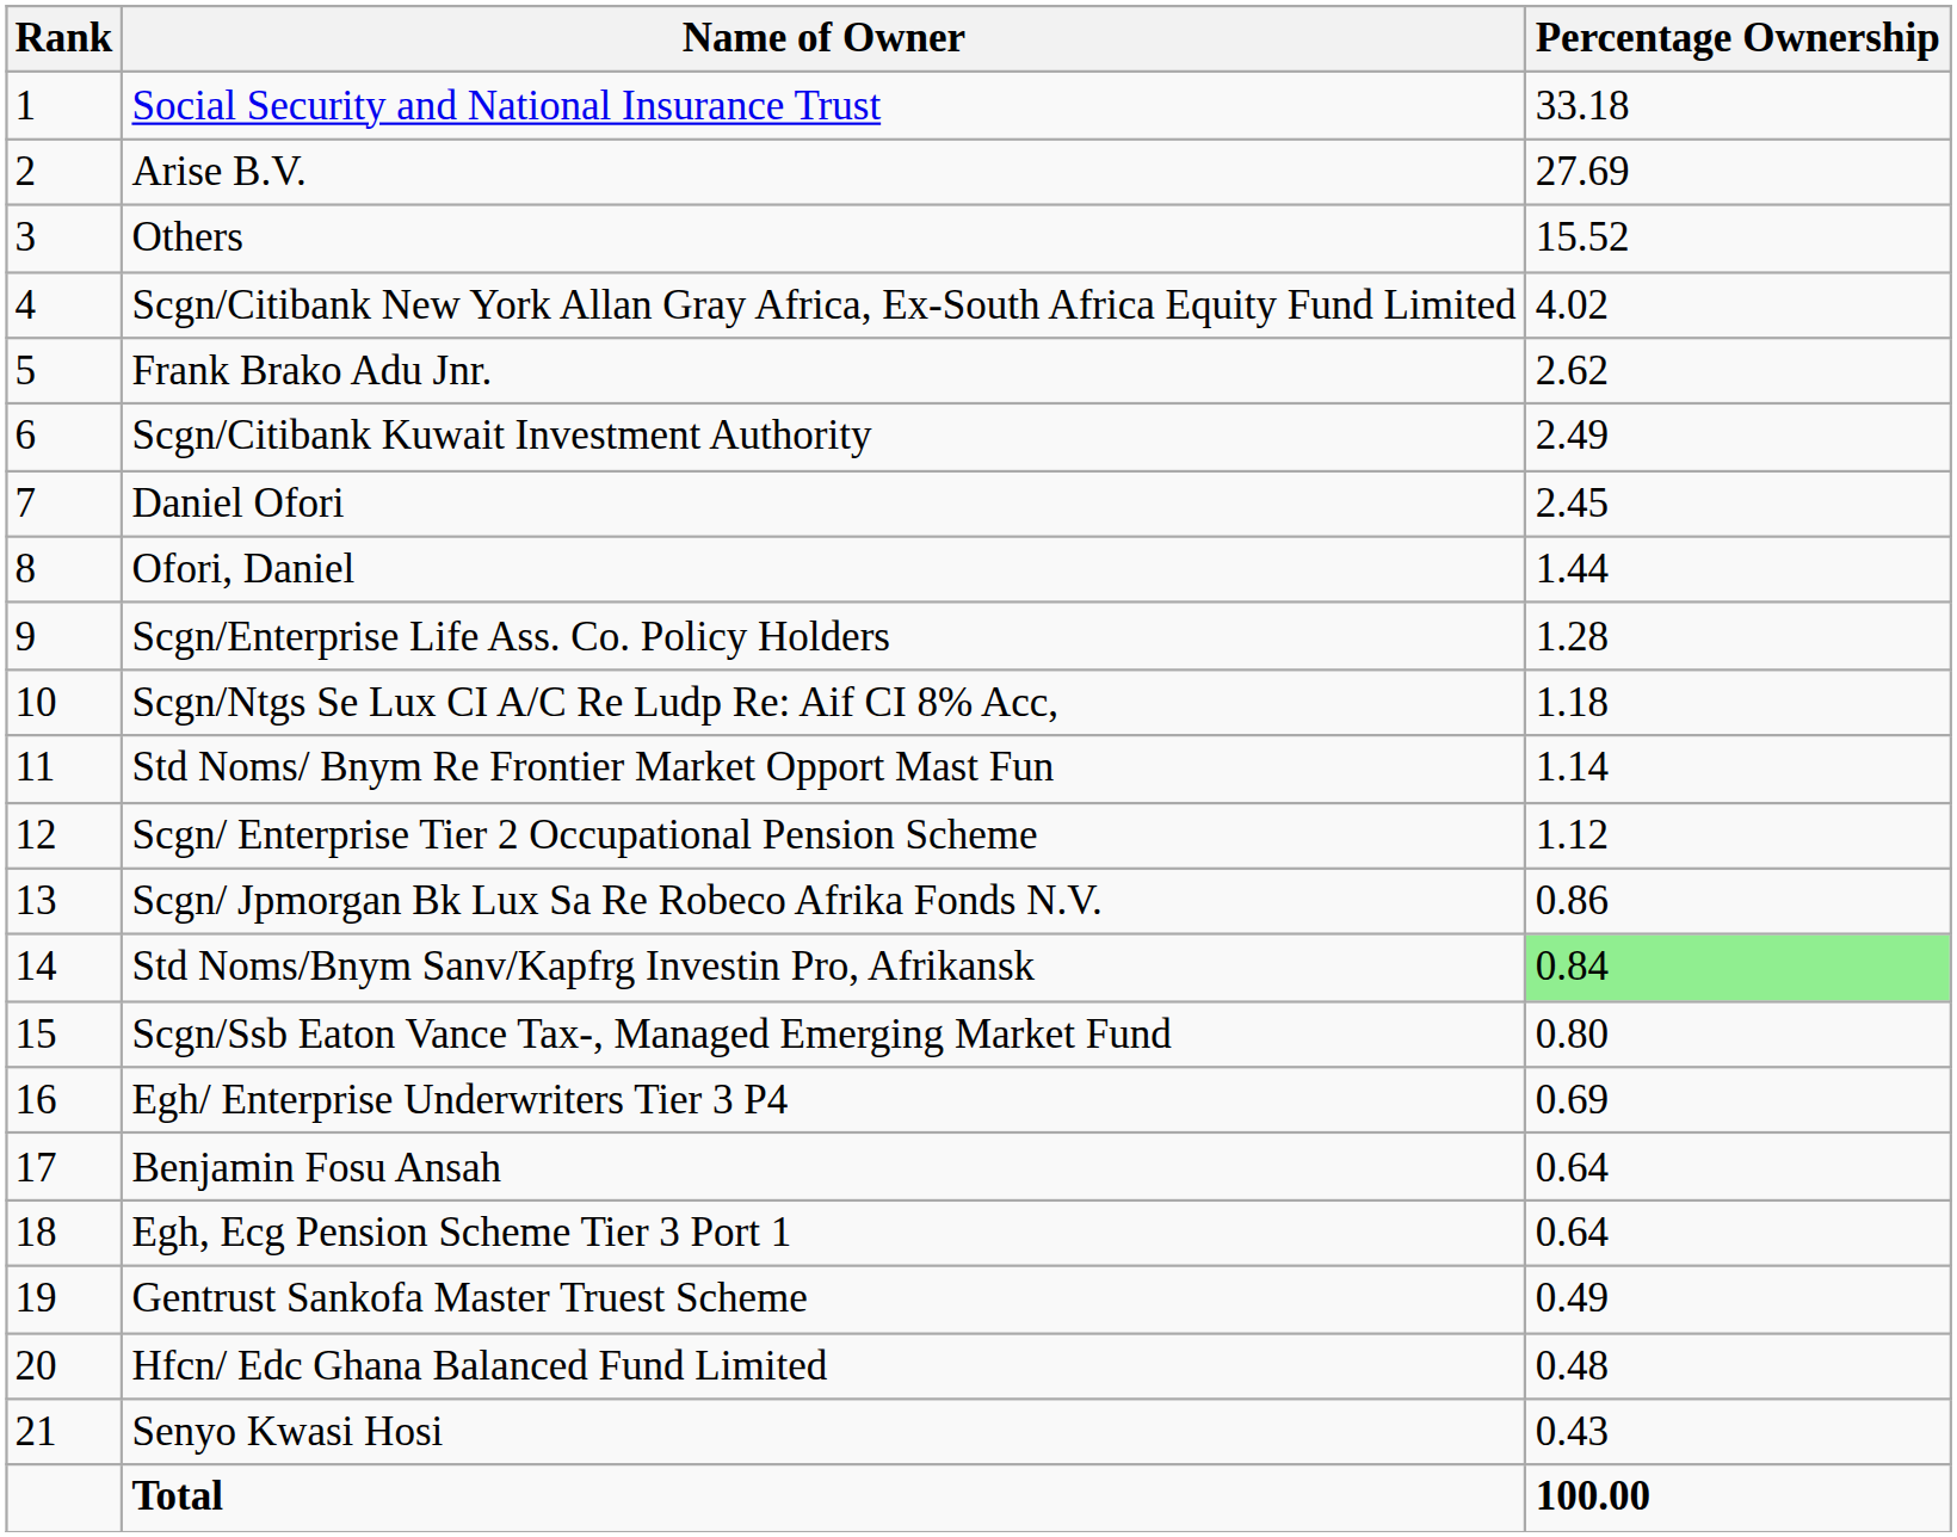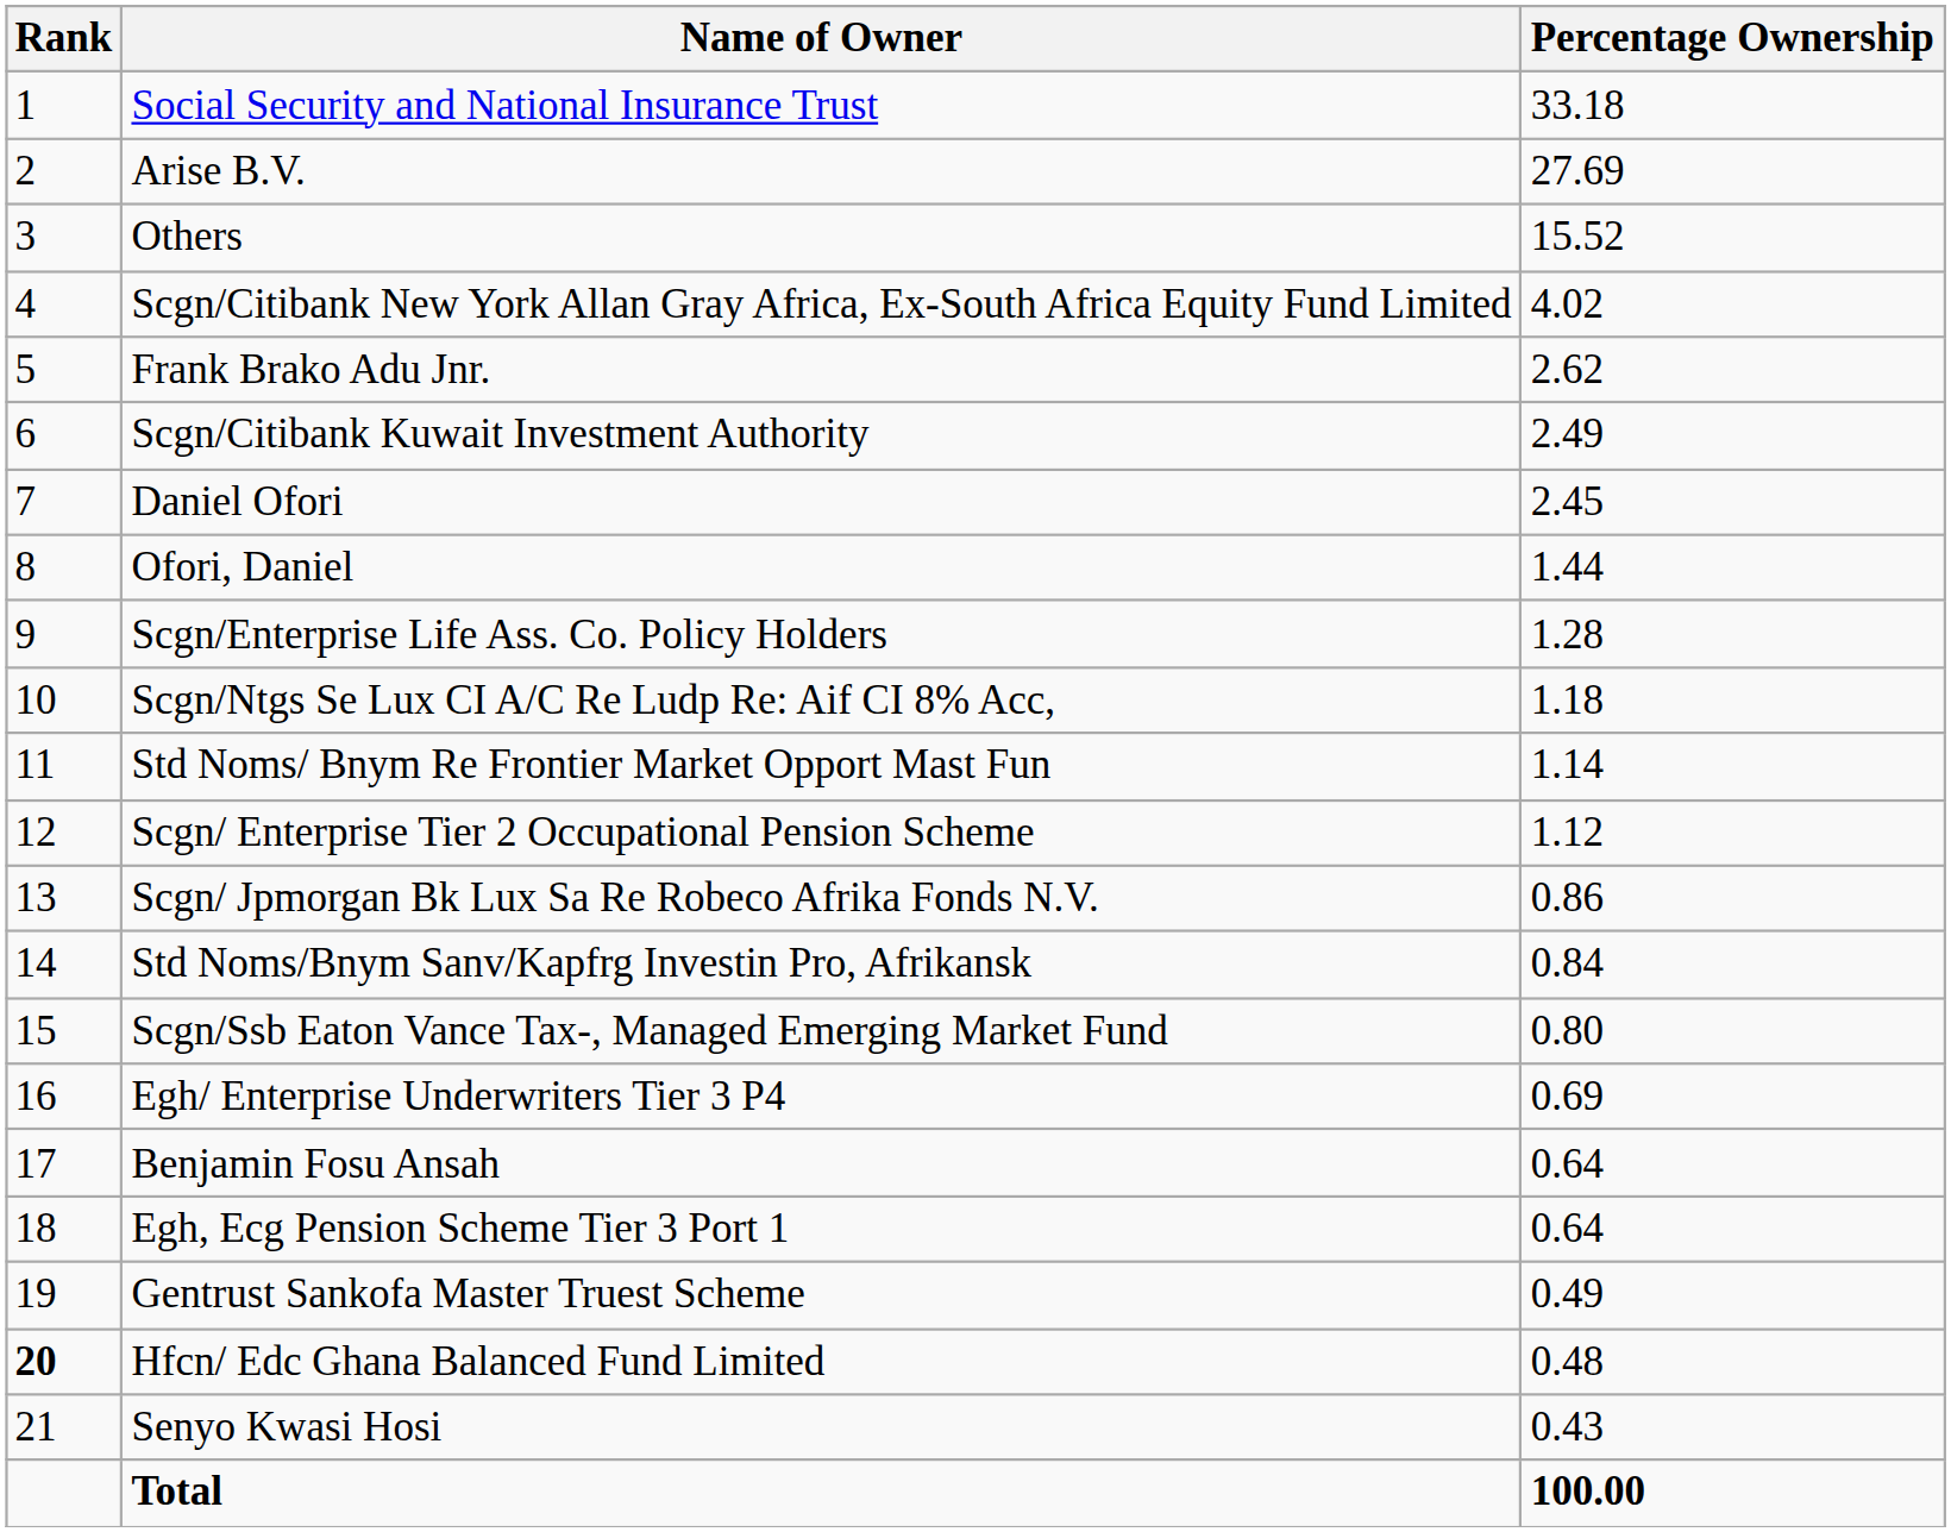 <table class="wikitable sortable" style="margin-left:auto;margin-right:auto">
 <tr>
 <th style="width:2em;">Rank</th>
 <th>Name of Owner</th>
 <th>Percentage Ownership</th>
 </tr>
 <tr>
 <td>1</td>
 <td><a href='#'>Social Security and National Insurance Trust</a></td>
 <td>33.18</td>
 </tr>
 <tr>
 <td>2</td>
 <td>Arise B.V.</td>
 <td>27.69</td>
 </tr>
 <tr>
 <td>3</td>
 <td>Others</td>
 <td>15.52</td>
 </tr>
 <tr>
 <td>4</td>
 <td>Scgn/Citibank New York Allan Gray Africa, Ex-South Africa Equity Fund Limited</td>
 <td>4.02</td>
 </tr>
 <tr>
 <td>5</td>
 <td>Frank Brako Adu Jnr.</td>
 <td>2.62</td>
 </tr>
 <tr>
 <td>6</td>
 <td>Scgn/Citibank Kuwait Investment Authority</td>
 <td>2.49</td>
 </tr>
 <tr>
 <td>7</td>
 <td>Daniel Ofori</td>
 <td>2.45</td>
 </tr>
 <tr>
 <td>8</td>
 <td>Ofori, Daniel</td>
 <td>1.44</td>
 </tr>
 <tr>
 <td>9</td>
 <td>Scgn/Enterprise Life Ass. Co. Policy Holders</td>
 <td>1.28</td>
 </tr>
 <tr>
 <td>10</td>
 <td>Scgn/Ntgs Se Lux CI A/C Re Ludp Re: Aif CI 8% Acc,</td>
 <td>1.18</td>
 </tr>
 <tr>
 <td>11</td>
 <td>Std Noms/ Bnym Re Frontier Market Opport Mast Fun</td>
 <td>1.14</td>
 </tr>
 <tr>
 <td>12</td>
 <td>Scgn/ Enterprise Tier 2 Occupational Pension Scheme</td>
 <td>1.12</td>
 </tr>
 <tr>
 <td>13</td>
 <td>Scgn/ Jpmorgan Bk Lux Sa Re Robeco Afrika Fonds N.V.</td>
 <td>0.86</td>
 </tr>
 <tr>
 <td>14</td>
 <td>Std Noms/Bnym Sanv/Kapfrg Investin Pro, Afrikansk</td>
-<td style="background: lightgreen;">0.84</td>
+<td>0.84</td>
 </tr>
 <tr>
 <td>15</td>
 <td>Scgn/Ssb Eaton Vance Tax-, Managed Emerging Market Fund</td>
 <td>0.80</td>
 </tr>
 <tr>
 <td>16</td>
 <td>Egh/ Enterprise Underwriters Tier 3 P4</td>
 <td>0.69</td>
 </tr>
 <tr>
 <td>17</td>
 <td>Benjamin Fosu Ansah</td>
 <td>0.64</td>
 </tr>
 <tr>
 <td>18</td>
 <td>Egh, Ecg Pension Scheme Tier 3 Port 1</td>
 <td>0.64</td>
 </tr>
 <tr>
 <td>19</td>
 <td>Gentrust Sankofa Master Truest Scheme</td>
 <td>0.49</td>
 </tr>
 <tr>
-<td>20</td>
+<td><strong>20</strong></td>
 <td>Hfcn/ Edc Ghana Balanced Fund Limited</td>
 <td>0.48</td>
 </tr>
 <tr>
 <td>21</td>
 <td>Senyo Kwasi Hosi</td>
 <td>0.43</td>
 </tr>
 <tr>
 <td></td>
 <td><strong>Total</strong></td>
 <td><strong>100.00</strong></td>
 </tr>
 <tr>
 </tr>
 </table>
